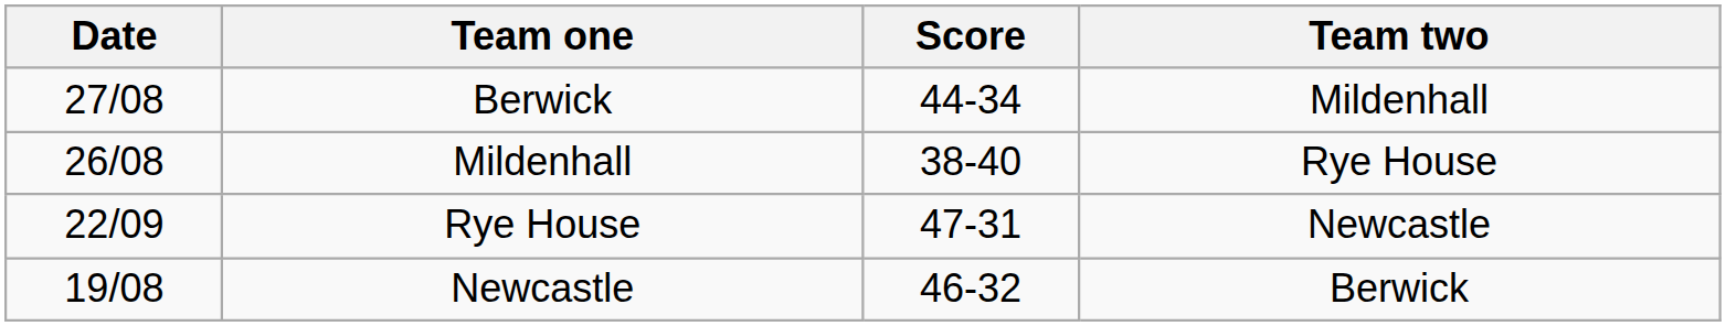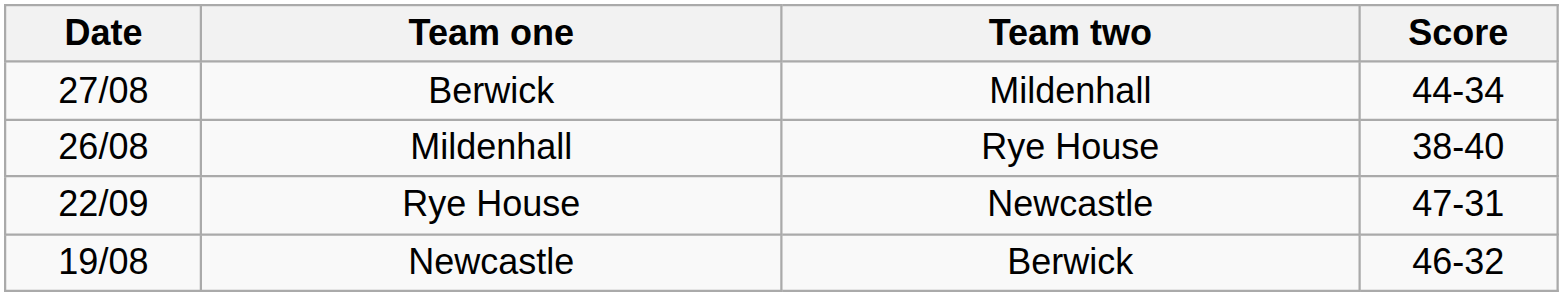 <table class="wikitable" style="text-align: center">
 <tr>
 <th width=80>Date</th>
 <th width=250>Team one</th>
+<th width=250>Team two</th>
 <th width=80>Score</th>
-<th width=250>Team two</th>
 </tr>
 <tr>
 <td>27/08</td>
 <td>Berwick</td>
+<td>Mildenhall</td>
 <td>44-34</td>
-<td>Mildenhall</td>
 </tr>
 <tr>
 <td>26/08</td>
 <td>Mildenhall</td>
+<td>Rye House</td>
 <td>38-40</td>
-<td>Rye House</td>
 </tr>
 <tr>
 <td>22/09</td>
 <td>Rye House</td>
+<td>Newcastle</td>
 <td>47-31</td>
-<td>Newcastle</td>
 </tr>
 <tr>
 <td>19/08</td>
 <td>Newcastle</td>
+<td>Berwick</td>
 <td>46-32</td>
-<td>Berwick</td>
 </tr>
 </table>
